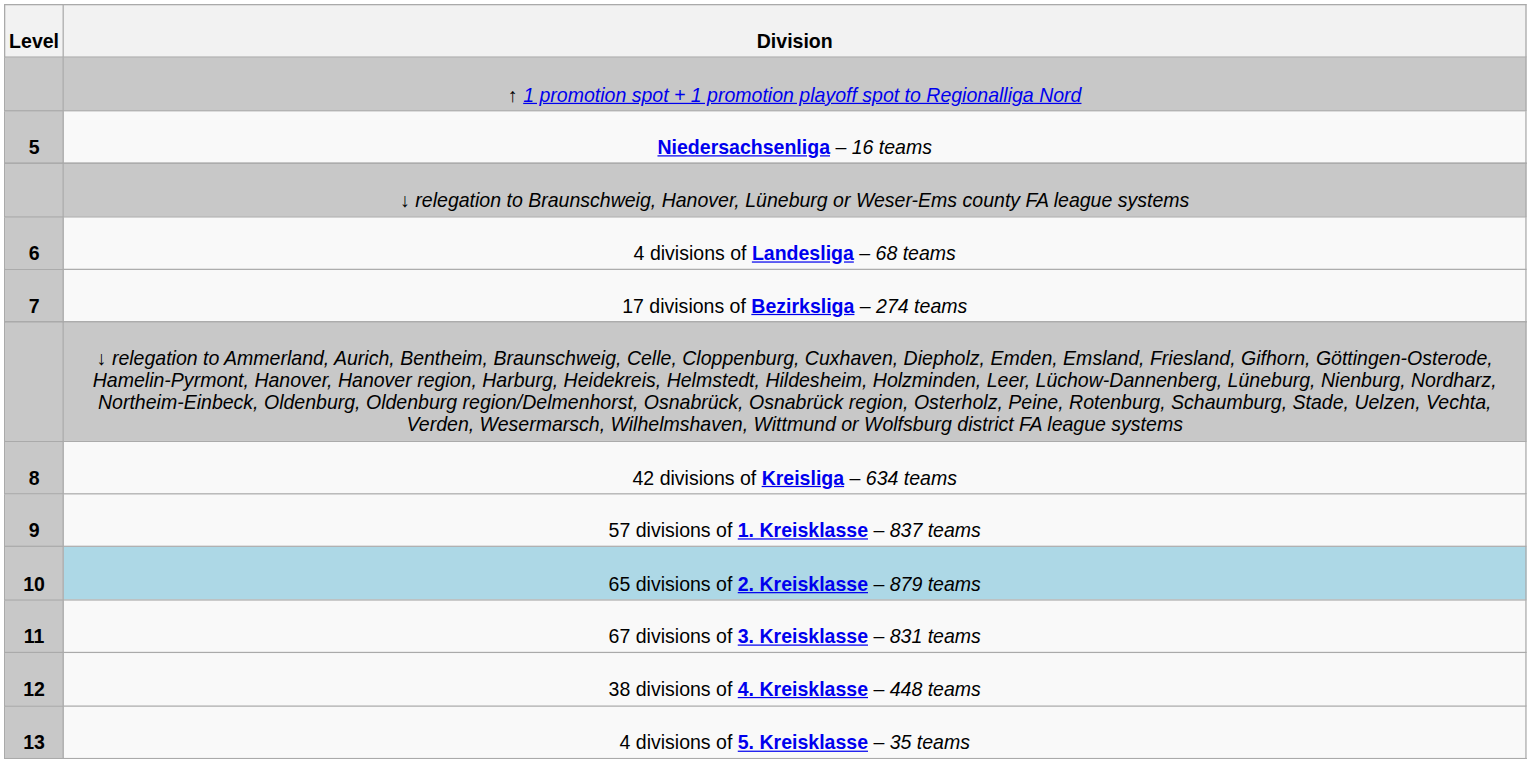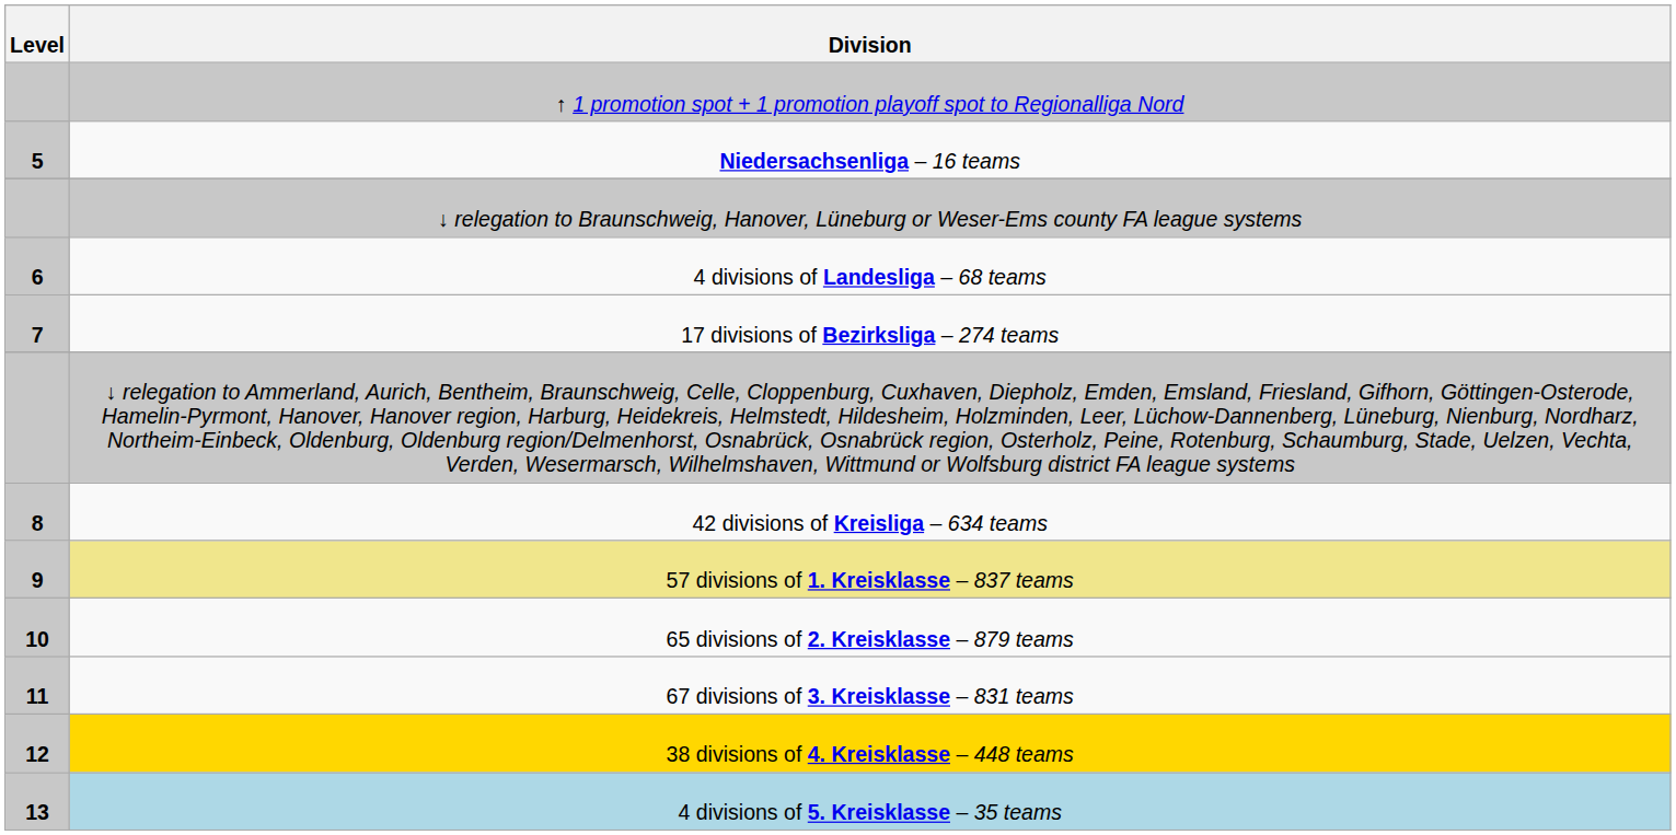 <table class="wikitable" style="text-align:center">
 <tr style="background:#c8c8c8">
 <th colspan="1"><br>Level</th>
 <th colspan="1"><br>Division</th>
 </tr>
 <tr style="background:#c8c8c8">
 <td colspan="1"></td>
 <td colspan="1"><br><em>↑ <a href='#'>1 promotion spot + 1 promotion playoff spot to Regionalliga Nord</a></em></td>
 </tr>
 <tr>
 <td colspan="1" style="background:#c8c8c8"><br><strong>5</strong></td>
 <td colspan="1"><br><strong><a href='#'>Niedersachsenliga</a></strong> – <em>16 teams</em></td>
 </tr>
 <tr>
 </tr>
 <tr style="background:#c8c8c8">
 <td colspan="1"></td>
 <td colspan="1"><br><em>↓ relegation to Braunschweig, Hanover, Lüneburg or Weser-Ems county FA league systems</em></td>
 </tr>
 <tr>
 <td colspan="1" style="background:#c8c8c8"><br><strong>6</strong></td>
 <td colspan="1"><br>4 divisions of <strong><a href='#'>Landesliga</a></strong> – <em>68 teams</em></td>
 </tr>
 <tr>
 <td colspan="1" style="background:#c8c8c8"><br><strong>7</strong></td>
 <td colspan="1"><br>17 divisions of <strong><a href='#'>Bezirksliga</a></strong> – <em>274 teams</em></td>
 </tr>
 <tr>
 </tr>
 <tr style="background:#c8c8c8">
 <td colspan="1"></td>
 <td colspan="1"><br><em>↓ relegation to Ammerland, Aurich, Bentheim, Braunschweig, Celle, Cloppenburg, Cuxhaven, Diepholz, Emden, Emsland, Friesland, Gifhorn, Göttingen-Osterode, Hamelin-Pyrmont, Hanover, Hanover region, Harburg, Heidekreis, Helmstedt, Hildesheim, Holzminden, Leer, Lüchow-Dannenberg, Lüneburg, Nienburg, Nordharz, Northeim-Einbeck, Oldenburg, Oldenburg region/Delmenhorst, Osnabrück, Osnabrück region, Osterholz, Peine, Rotenburg, Schaumburg, Stade, Uelzen, Vechta, Verden, Wesermarsch, Wilhelmshaven, Wittmund or Wolfsburg district FA league systems</em></td>
 </tr>
 <tr>
 <td colspan="1" style="background:#c8c8c8"><br><strong>8</strong></td>
 <td colspan="1"><br>42 divisions of <strong><a href='#'>Kreisliga</a></strong> – <em>634 teams</em></td>
 </tr>
 <tr>
 <td colspan="1" style="background:#c8c8c8"><br><strong>9</strong></td>
-<td colspan="1"><br>57 divisions of <strong><a href='#'>1. Kreisklasse</a></strong> – <em>837 teams</em></td>
+<td colspan="1" style="background: khaki;"><br>57 divisions of <strong><a href='#'>1. Kreisklasse</a></strong> – <em>837 teams</em></td>
 </tr>
 <tr>
 <td colspan="1" style="background:#c8c8c8"><br><strong>10</strong></td>
-<td colspan="1" style="background: lightblue;"><br>65 divisions of <strong><a href='#'>2. Kreisklasse</a></strong> – <em>879 teams</em></td>
+<td colspan="1"><br>65 divisions of <strong><a href='#'>2. Kreisklasse</a></strong> – <em>879 teams</em></td>
 </tr>
 <tr>
 <td colspan="1" style="background:#c8c8c8"><br><strong>11</strong></td>
 <td colspan="1"><br>67 divisions of <strong><a href='#'>3. Kreisklasse</a></strong> – <em>831 teams</em></td>
 </tr>
 <tr>
 <td colspan="1" style="background:#c8c8c8"><br><strong>12</strong></td>
-<td colspan="1"><br>38 divisions of <strong><a href='#'>4. Kreisklasse</a></strong> – <em>448 teams</em></td>
+<td colspan="1" style="background: gold;"><br>38 divisions of <strong><a href='#'>4. Kreisklasse</a></strong> – <em>448 teams</em></td>
 </tr>
 <tr>
 <td colspan="1" style="background:#c8c8c8"><br><strong>13</strong></td>
-<td colspan="1"><br>4 divisions of <strong><a href='#'>5. Kreisklasse</a></strong> – <em>35 teams</em></td>
+<td colspan="1" style="background: lightblue;"><br>4 divisions of <strong><a href='#'>5. Kreisklasse</a></strong> – <em>35 teams</em></td>
 </tr>
 <tr>
 </tr>
 </table>
